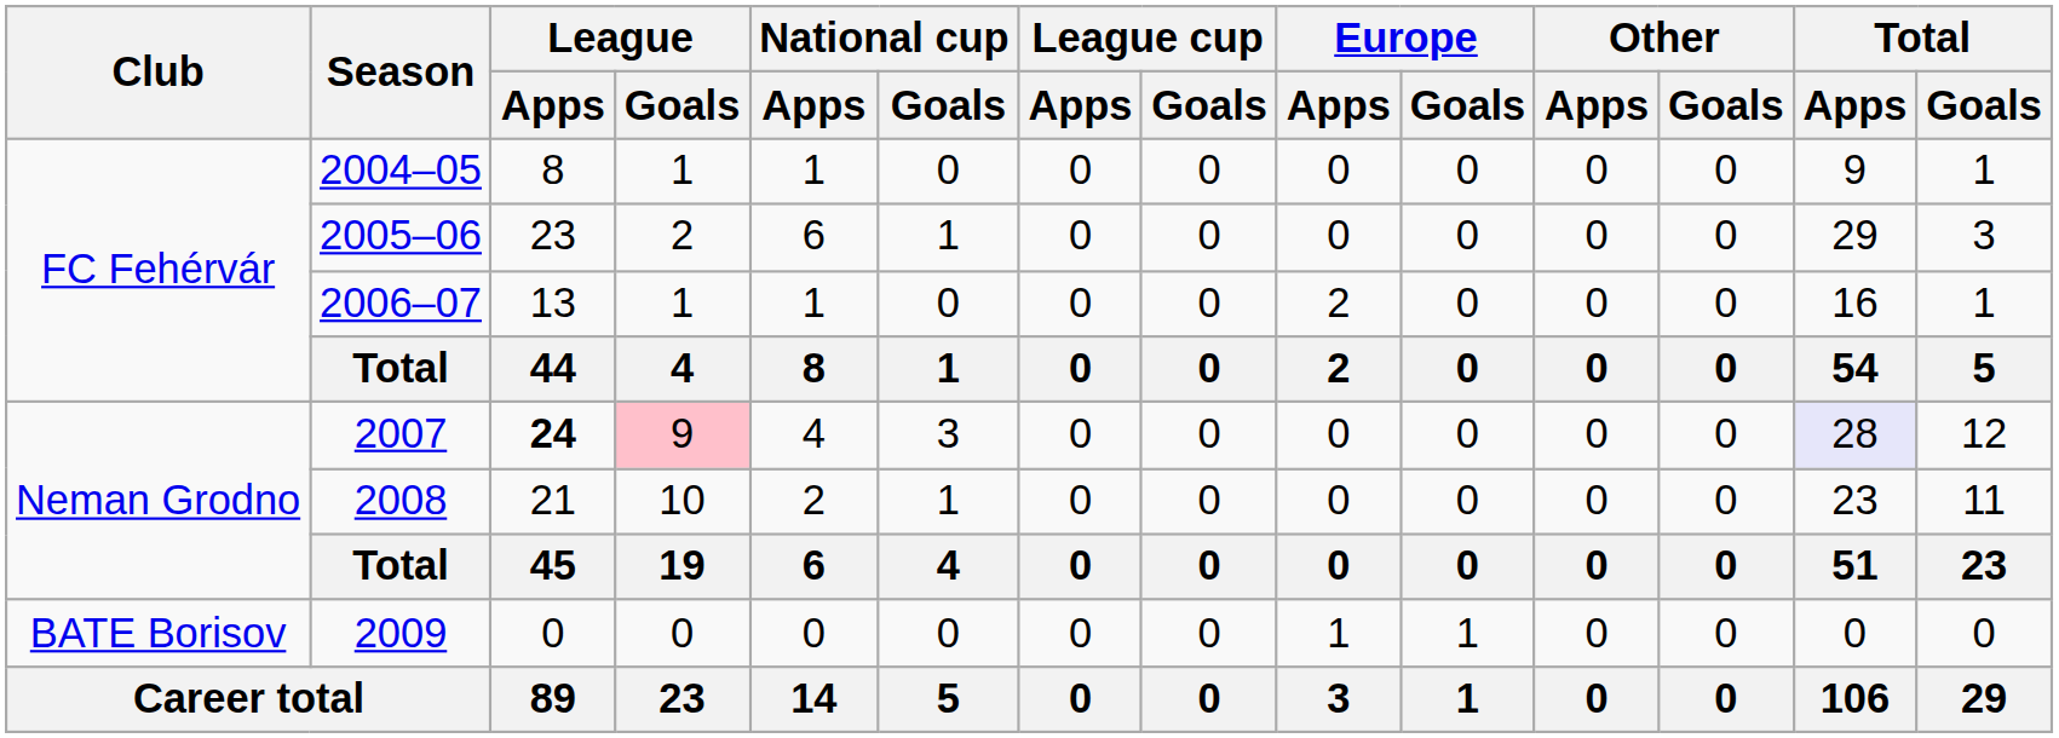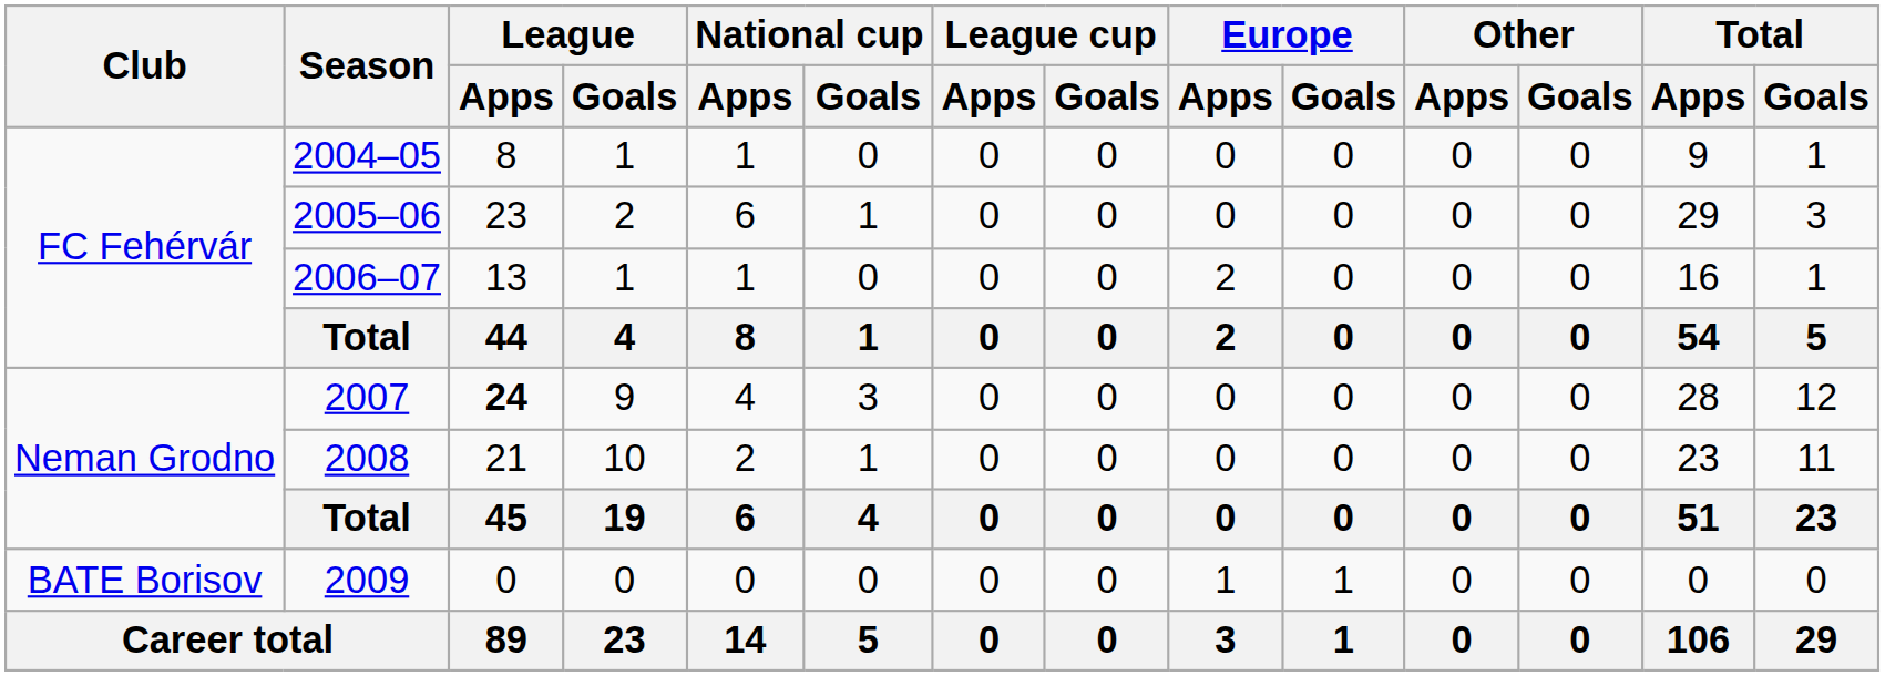 <table class="wikitable" style="text-align:center">
 <tr>
 <th rowspan="2">Club</th>
 <th rowspan="2">Season</th>
 <th colspan="2">League</th>
 <th colspan="2">National cup</th>
 <th colspan="2">League cup</th>
 <th colspan="2"><a href='#'>Europe</a></th>
 <th colspan="2">Other</th>
 <th colspan="2">Total</th>
 </tr>
 <tr>
 <th>Apps</th>
 <th>Goals</th>
 <th>Apps</th>
 <th>Goals</th>
 <th>Apps</th>
 <th>Goals</th>
 <th>Apps</th>
 <th>Goals</th>
 <th>Apps</th>
 <th>Goals</th>
 <th>Apps</th>
 <th>Goals</th>
 </tr>
 <tr>
 <td rowspan="4"><a href='#'>FC Fehérvár</a></td>
 <td><a href='#'>2004–05</a></td>
 <td>8</td>
 <td>1</td>
 <td>1</td>
 <td>0</td>
 <td>0</td>
 <td>0</td>
 <td>0</td>
 <td>0</td>
 <td>0</td>
 <td>0</td>
 <td>9</td>
 <td>1</td>
 </tr>
 <tr>
 <td><a href='#'>2005–06</a></td>
 <td>23</td>
 <td>2</td>
 <td>6</td>
 <td>1</td>
 <td>0</td>
 <td>0</td>
 <td>0</td>
 <td>0</td>
 <td>0</td>
 <td>0</td>
 <td>29</td>
 <td>3</td>
 </tr>
 <tr>
 <td><a href='#'>2006–07</a></td>
 <td>13</td>
 <td>1</td>
 <td>1</td>
 <td>0</td>
 <td>0</td>
 <td>0</td>
 <td>2</td>
 <td>0</td>
 <td>0</td>
 <td>0</td>
 <td>16</td>
 <td>1</td>
 </tr>
 <tr>
 <th>Total</th>
 <th>44</th>
 <th>4</th>
 <th>8</th>
 <th>1</th>
 <th>0</th>
 <th>0</th>
 <th>2</th>
 <th>0</th>
 <th>0</th>
 <th>0</th>
 <th>54</th>
 <th>5</th>
 </tr>
 <tr>
 <td rowspan="3"><a href='#'>Neman Grodno</a></td>
 <td><a href='#'>2007</a></td>
 <td><strong>24</strong></td>
-<td style="background: pink;">9</td>
+<td>9</td>
 <td>4</td>
 <td>3</td>
 <td>0</td>
 <td>0</td>
 <td>0</td>
 <td>0</td>
 <td>0</td>
 <td>0</td>
-<td style="background: lavender;">28</td>
+<td>28</td>
 <td>12</td>
 </tr>
 <tr>
 <td><a href='#'>2008</a></td>
 <td>21</td>
 <td>10</td>
 <td>2</td>
 <td>1</td>
 <td>0</td>
 <td>0</td>
 <td>0</td>
 <td>0</td>
 <td>0</td>
 <td>0</td>
 <td>23</td>
 <td>11</td>
 </tr>
 <tr>
 <th>Total</th>
 <th>45</th>
 <th>19</th>
 <th>6</th>
 <th>4</th>
 <th>0</th>
 <th>0</th>
 <th>0</th>
 <th>0</th>
 <th>0</th>
 <th>0</th>
 <th>51</th>
 <th>23</th>
 </tr>
 <tr>
 <td><a href='#'>BATE Borisov</a></td>
 <td><a href='#'>2009</a></td>
 <td>0</td>
 <td>0</td>
 <td>0</td>
 <td>0</td>
 <td>0</td>
 <td>0</td>
 <td>1</td>
 <td>1</td>
 <td>0</td>
 <td>0</td>
 <td>0</td>
 <td>0</td>
 </tr>
 <tr>
 <th colspan="2">Career total</th>
 <th>89</th>
 <th>23</th>
 <th>14</th>
 <th>5</th>
 <th>0</th>
 <th>0</th>
 <th>3</th>
 <th>1</th>
 <th>0</th>
 <th>0</th>
 <th>106</th>
 <th>29</th>
 </tr>
 </table>
